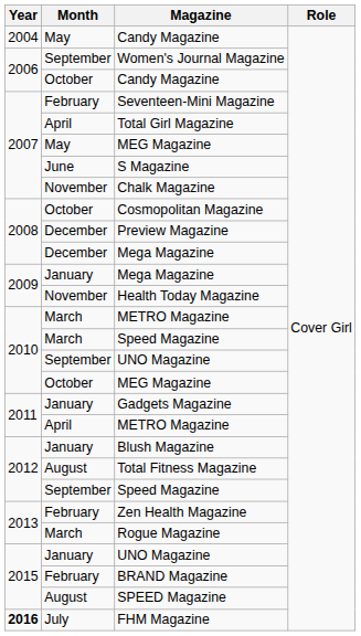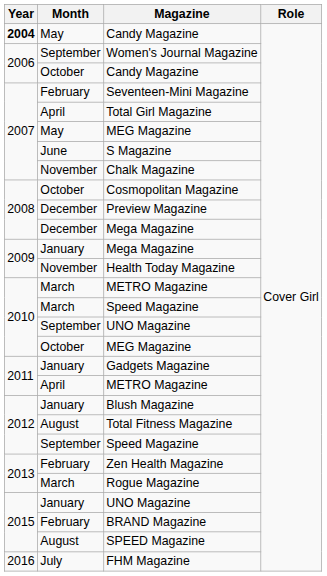 <table class="wikitable">
 <tr>
 <th>Year</th>
 <th>Month</th>
 <th>Magazine</th>
 <th>Role</th>
 </tr>
 <tr>
-<td>2004</td>
+<td><strong>2004</strong></td>
 <td>May</td>
 <td>Candy Magazine</td>
 <td rowspan="28">Cover Girl</td>
 </tr>
 <tr>
 <td rowspan="2">2006</td>
 <td>September</td>
 <td>Women's Journal Magazine</td>
 </tr>
 <tr>
 <td>October</td>
 <td>Candy Magazine</td>
 </tr>
 <tr>
 <td rowspan="5">2007</td>
 <td>February</td>
 <td>Seventeen-Mini Magazine</td>
 </tr>
 <tr>
 <td>April</td>
 <td>Total Girl Magazine</td>
 </tr>
 <tr>
 <td>May</td>
 <td>MEG Magazine</td>
 </tr>
 <tr>
 <td>June</td>
 <td>S Magazine</td>
 </tr>
 <tr>
 <td>November</td>
 <td>Chalk Magazine</td>
 </tr>
 <tr>
 <td rowspan="3">2008</td>
 <td>October</td>
 <td>Cosmopolitan Magazine</td>
 </tr>
 <tr>
 <td>December</td>
 <td>Preview Magazine</td>
 </tr>
 <tr>
 <td>December</td>
 <td>Mega Magazine</td>
 </tr>
 <tr>
 <td rowspan="2">2009</td>
 <td>January</td>
 <td>Mega Magazine</td>
 </tr>
 <tr>
 <td>November</td>
 <td>Health Today Magazine</td>
 </tr>
 <tr>
 <td rowspan="4">2010</td>
 <td>March</td>
 <td>METRO Magazine</td>
 </tr>
 <tr>
 <td>March</td>
 <td>Speed Magazine</td>
 </tr>
 <tr>
 <td>September</td>
 <td>UNO Magazine</td>
 </tr>
 <tr>
 <td>October</td>
 <td>MEG Magazine</td>
 </tr>
 <tr>
 <td rowspan="2">2011</td>
 <td>January</td>
 <td>Gadgets Magazine</td>
 </tr>
 <tr>
 <td>April</td>
 <td>METRO Magazine</td>
 </tr>
 <tr>
 <td rowspan="3">2012</td>
 <td>January</td>
 <td>Blush Magazine</td>
 </tr>
 <tr>
 <td>August</td>
 <td>Total Fitness Magazine</td>
 </tr>
 <tr>
 <td>September</td>
 <td>Speed Magazine</td>
 </tr>
 <tr>
 <td rowspan="2">2013</td>
 <td>February</td>
 <td>Zen Health Magazine</td>
 </tr>
 <tr>
 <td>March</td>
 <td>Rogue Magazine</td>
 </tr>
 <tr>
 <td rowspan="3">2015</td>
 <td>January</td>
 <td>UNO Magazine</td>
 </tr>
 <tr>
 <td>February</td>
 <td>BRAND Magazine</td>
 </tr>
 <tr>
 <td>August</td>
 <td>SPEED Magazine</td>
 </tr>
 <tr>
-<td><strong>2016</strong></td>
+<td>2016</td>
 <td>July</td>
 <td>FHM Magazine</td>
 </tr>
 </table>
